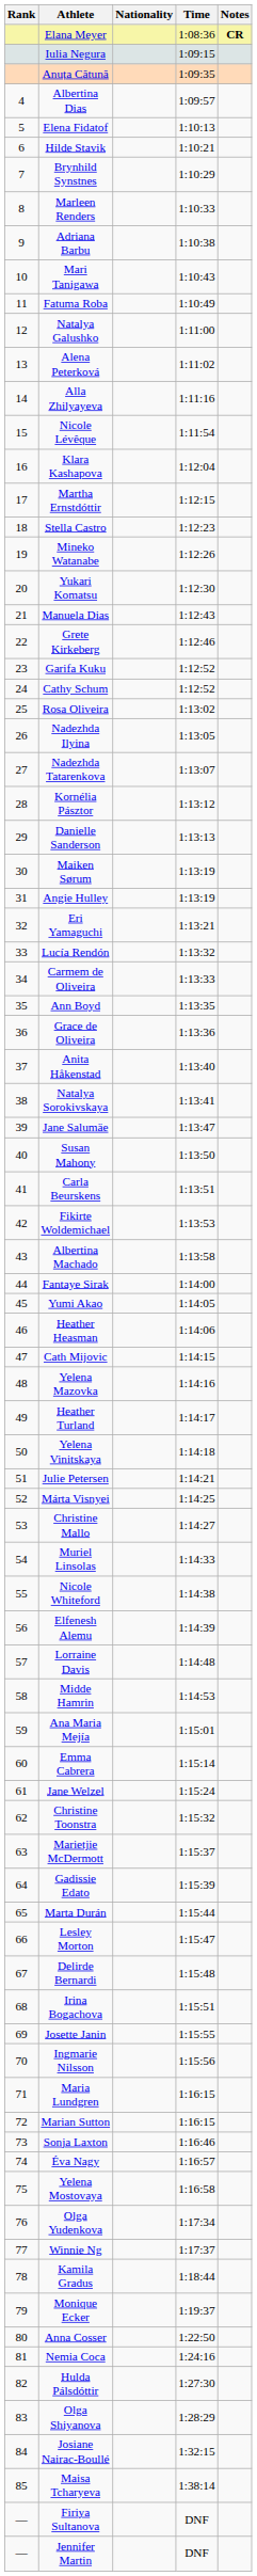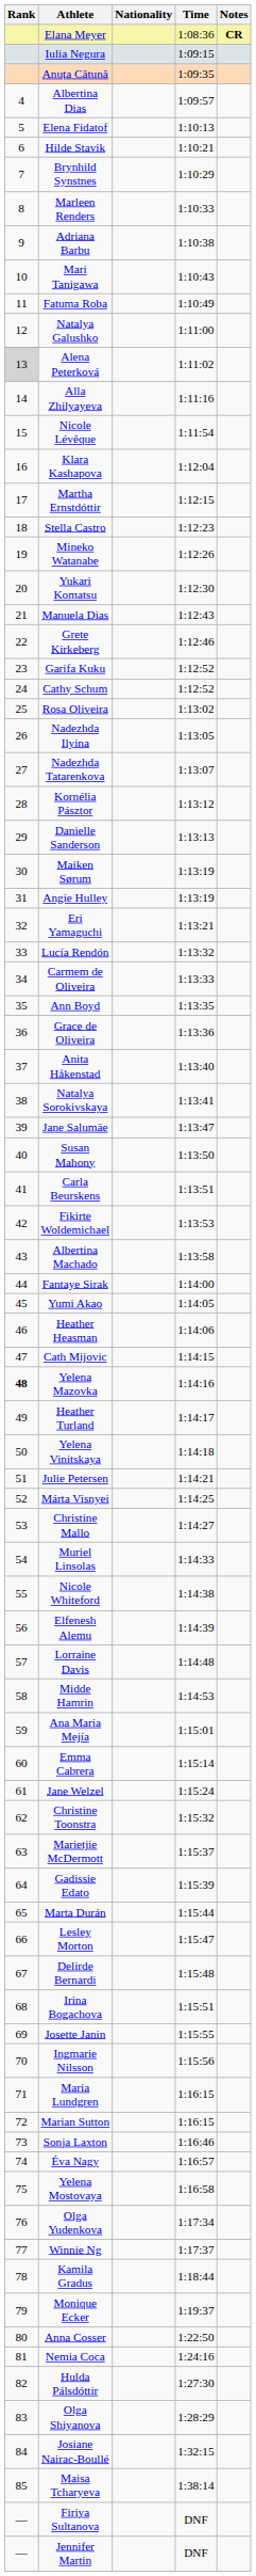 <table class="wikitable sortable" style=" text-align:center; font-size:95%;" width="50%">
 <tr>
 <th>Rank</th>
 <th>Athlete</th>
 <th>Nationality</th>
 <th>Time</th>
 <th>Notes</th>
 </tr>
 <tr bgcolor="#F7F6A8">
 <td align=center></td>
 <td><a href='#'>Elana Meyer</a></td>
 <td></td>
 <td>1:08:36</td>
 <td><strong>CR</strong></td>
 </tr>
 <tr bgcolor="#DCE5E5">
 <td align=center></td>
 <td><a href='#'>Iulia Negura</a></td>
 <td></td>
 <td>1:09:15</td>
 <td></td>
 </tr>
 <tr bgcolor="#FFDAB9">
 <td align=center></td>
 <td><a href='#'>Anuța Cătună</a></td>
 <td></td>
 <td>1:09:35</td>
 <td></td>
 </tr>
 <tr>
 <td align=center>4</td>
 <td><a href='#'>Albertina Dias</a></td>
 <td></td>
 <td>1:09:57</td>
 <td></td>
 </tr>
 <tr>
 <td align=center>5</td>
 <td><a href='#'>Elena Fidatof</a></td>
 <td></td>
 <td>1:10:13</td>
 <td></td>
 </tr>
 <tr>
 <td align=center>6</td>
 <td><a href='#'>Hilde Stavik</a></td>
 <td></td>
 <td>1:10:21</td>
 <td></td>
 </tr>
 <tr>
 <td align=center>7</td>
 <td><a href='#'>Brynhild Synstnes</a></td>
 <td></td>
 <td>1:10:29</td>
 <td></td>
 </tr>
 <tr>
 <td align=center>8</td>
 <td><a href='#'>Marleen Renders</a></td>
 <td></td>
 <td>1:10:33</td>
 <td></td>
 </tr>
 <tr>
 <td align=center>9</td>
 <td><a href='#'>Adriana Barbu</a></td>
 <td></td>
 <td>1:10:38</td>
 <td></td>
 </tr>
 <tr>
 <td align=center>10</td>
 <td><a href='#'>Mari Tanigawa</a></td>
 <td></td>
 <td>1:10:43</td>
 <td></td>
 </tr>
 <tr>
 <td align=center>11</td>
 <td><a href='#'>Fatuma Roba</a></td>
 <td></td>
 <td>1:10:49</td>
 <td></td>
 </tr>
 <tr>
 <td align=center>12</td>
 <td><a href='#'>Natalya Galushko</a></td>
 <td></td>
 <td>1:11:00</td>
 <td></td>
 </tr>
 <tr>
-<td align=center>13</td>
+<td align=center style="background: lightgrey;">13</td>
 <td><a href='#'>Alena Peterková</a></td>
 <td></td>
 <td>1:11:02</td>
 <td></td>
 </tr>
 <tr>
 <td align=center>14</td>
 <td><a href='#'>Alla Zhilyayeva</a></td>
 <td></td>
 <td>1:11:16</td>
 <td></td>
 </tr>
 <tr>
 <td align=center>15</td>
 <td><a href='#'>Nicole Lévêque</a></td>
 <td></td>
 <td>1:11:54</td>
 <td></td>
 </tr>
 <tr>
 <td align=center>16</td>
 <td><a href='#'>Klara Kashapova</a></td>
 <td></td>
 <td>1:12:04</td>
 <td></td>
 </tr>
 <tr>
 <td align=center>17</td>
 <td><a href='#'>Martha Ernstdóttir</a></td>
 <td></td>
 <td>1:12:15</td>
 <td></td>
 </tr>
 <tr>
 <td align=center>18</td>
 <td><a href='#'>Stella Castro</a></td>
 <td></td>
 <td>1:12:23</td>
 <td></td>
 </tr>
 <tr>
 <td align=center>19</td>
 <td><a href='#'>Mineko Watanabe</a></td>
 <td></td>
 <td>1:12:26</td>
 <td></td>
 </tr>
 <tr>
 <td align=center>20</td>
 <td><a href='#'>Yukari Komatsu</a></td>
 <td></td>
 <td>1:12:30</td>
 <td></td>
 </tr>
 <tr>
 <td align=center>21</td>
 <td><a href='#'>Manuela Dias</a></td>
 <td></td>
 <td>1:12:43</td>
 <td></td>
 </tr>
 <tr>
 <td align=center>22</td>
 <td><a href='#'>Grete Kirkeberg</a></td>
 <td></td>
 <td>1:12:46</td>
 <td></td>
 </tr>
 <tr>
 <td align=center>23</td>
 <td><a href='#'>Garifa Kuku</a></td>
 <td></td>
 <td>1:12:52</td>
 <td></td>
 </tr>
 <tr>
 <td align=center>24</td>
 <td><a href='#'>Cathy Schum</a></td>
 <td></td>
 <td>1:12:52</td>
 <td></td>
 </tr>
 <tr>
 <td align=center>25</td>
 <td><a href='#'>Rosa Oliveira</a></td>
 <td></td>
 <td>1:13:02</td>
 <td></td>
 </tr>
 <tr>
 <td align=center>26</td>
 <td><a href='#'>Nadezhda Ilyina</a></td>
 <td></td>
 <td>1:13:05</td>
 <td></td>
 </tr>
 <tr>
 <td align=center>27</td>
 <td><a href='#'>Nadezhda Tatarenkova</a></td>
 <td></td>
 <td>1:13:07</td>
 <td></td>
 </tr>
 <tr>
 <td align=center>28</td>
 <td><a href='#'>Kornélia Pásztor</a></td>
 <td></td>
 <td>1:13:12</td>
 <td></td>
 </tr>
 <tr>
 <td align=center>29</td>
 <td><a href='#'>Danielle Sanderson</a></td>
 <td></td>
 <td>1:13:13</td>
 <td></td>
 </tr>
 <tr>
 <td align=center>30</td>
 <td><a href='#'>Maiken Sørum</a></td>
 <td></td>
 <td>1:13:19</td>
 <td></td>
 </tr>
 <tr>
 <td align=center>31</td>
 <td><a href='#'>Angie Hulley</a></td>
 <td></td>
 <td>1:13:19</td>
 <td></td>
 </tr>
 <tr>
 <td align=center>32</td>
 <td><a href='#'>Eri Yamaguchi</a></td>
 <td></td>
 <td>1:13:21</td>
 <td></td>
 </tr>
 <tr>
 <td align=center>33</td>
 <td><a href='#'>Lucía Rendón</a></td>
 <td></td>
 <td>1:13:32</td>
 <td></td>
 </tr>
 <tr>
 <td align=center>34</td>
 <td><a href='#'>Carmem de Oliveira</a></td>
 <td></td>
 <td>1:13:33</td>
 <td></td>
 </tr>
 <tr>
 <td align=center>35</td>
 <td><a href='#'>Ann Boyd</a></td>
 <td></td>
 <td>1:13:35</td>
 <td></td>
 </tr>
 <tr>
 <td align=center>36</td>
 <td><a href='#'>Grace de Oliveira</a></td>
 <td></td>
 <td>1:13:36</td>
 <td></td>
 </tr>
 <tr>
 <td align=center>37</td>
 <td><a href='#'>Anita Håkenstad</a></td>
 <td></td>
 <td>1:13:40</td>
 <td></td>
 </tr>
 <tr>
 <td align=center>38</td>
 <td><a href='#'>Natalya Sorokivskaya</a></td>
 <td></td>
 <td>1:13:41</td>
 <td></td>
 </tr>
 <tr>
 <td align=center>39</td>
 <td><a href='#'>Jane Salumäe</a></td>
 <td></td>
 <td>1:13:47</td>
 <td></td>
 </tr>
 <tr>
 <td align=center>40</td>
 <td><a href='#'>Susan Mahony</a></td>
 <td></td>
 <td>1:13:50</td>
 <td></td>
 </tr>
 <tr>
 <td align=center>41</td>
 <td><a href='#'>Carla Beurskens</a></td>
 <td></td>
 <td>1:13:51</td>
 <td></td>
 </tr>
 <tr>
 <td align=center>42</td>
 <td><a href='#'>Fikirte Woldemichael</a></td>
 <td></td>
 <td>1:13:53</td>
 <td></td>
 </tr>
 <tr>
 <td align=center>43</td>
 <td><a href='#'>Albertina Machado</a></td>
 <td></td>
 <td>1:13:58</td>
 <td></td>
 </tr>
 <tr>
 <td align=center>44</td>
 <td><a href='#'>Fantaye Sirak</a></td>
 <td></td>
 <td>1:14:00</td>
 <td></td>
 </tr>
 <tr>
 <td align=center>45</td>
 <td><a href='#'>Yumi Akao</a></td>
 <td></td>
 <td>1:14:05</td>
 <td></td>
 </tr>
 <tr>
 <td align=center>46</td>
 <td><a href='#'>Heather Heasman</a></td>
 <td></td>
 <td>1:14:06</td>
 <td></td>
 </tr>
 <tr>
 <td align=center>47</td>
 <td><a href='#'>Cath Mijovic</a></td>
 <td></td>
 <td>1:14:15</td>
 <td></td>
 </tr>
 <tr>
-<td align=center>48</td>
+<td align=center><strong>48</strong></td>
 <td><a href='#'>Yelena Mazovka</a></td>
 <td></td>
 <td>1:14:16</td>
 <td></td>
 </tr>
 <tr>
 <td align=center>49</td>
 <td><a href='#'>Heather Turland</a></td>
 <td></td>
 <td>1:14:17</td>
 <td></td>
 </tr>
 <tr>
 <td align=center>50</td>
 <td><a href='#'>Yelena Vinitskaya</a></td>
 <td></td>
 <td>1:14:18</td>
 <td></td>
 </tr>
 <tr>
 <td align=center>51</td>
 <td><a href='#'>Julie Petersen</a></td>
 <td></td>
 <td>1:14:21</td>
 <td></td>
 </tr>
 <tr>
 <td align=center>52</td>
 <td><a href='#'>Márta Visnyei</a></td>
 <td></td>
 <td>1:14:25</td>
 <td></td>
 </tr>
 <tr>
 <td align=center>53</td>
 <td><a href='#'>Christine Mallo</a></td>
 <td></td>
 <td>1:14:27</td>
 <td></td>
 </tr>
 <tr>
 <td align=center>54</td>
 <td><a href='#'>Muriel Linsolas</a></td>
 <td></td>
 <td>1:14:33</td>
 <td></td>
 </tr>
 <tr>
 <td align=center>55</td>
 <td><a href='#'>Nicole Whiteford</a></td>
 <td></td>
 <td>1:14:38</td>
 <td></td>
 </tr>
 <tr>
 <td align=center>56</td>
 <td><a href='#'>Elfenesh Alemu</a></td>
 <td></td>
 <td>1:14:39</td>
 <td></td>
 </tr>
 <tr>
 <td align=center>57</td>
 <td><a href='#'>Lorraine Davis</a></td>
 <td></td>
 <td>1:14:48</td>
 <td></td>
 </tr>
 <tr>
 <td align=center>58</td>
 <td><a href='#'>Midde Hamrin</a></td>
 <td></td>
 <td>1:14:53</td>
 <td></td>
 </tr>
 <tr>
 <td align=center>59</td>
 <td><a href='#'>Ana Maria Mejía</a></td>
 <td></td>
 <td>1:15:01</td>
 <td></td>
 </tr>
 <tr>
 <td align=center>60</td>
 <td><a href='#'>Emma Cabrera</a></td>
 <td></td>
 <td>1:15:14</td>
 <td></td>
 </tr>
 <tr>
 <td align=center>61</td>
 <td><a href='#'>Jane Welzel</a></td>
 <td></td>
 <td>1:15:24</td>
 <td></td>
 </tr>
 <tr>
 <td align=center>62</td>
 <td><a href='#'>Christine Toonstra</a></td>
 <td></td>
 <td>1:15:32</td>
 <td></td>
 </tr>
 <tr>
 <td align=center>63</td>
 <td><a href='#'>Marietjie McDermott</a></td>
 <td></td>
 <td>1:15:37</td>
 <td></td>
 </tr>
 <tr>
 <td align=center>64</td>
 <td><a href='#'>Gadissie Edato</a></td>
 <td></td>
 <td>1:15:39</td>
 <td></td>
 </tr>
 <tr>
 <td align=center>65</td>
 <td><a href='#'>Marta Durán</a></td>
 <td></td>
 <td>1:15:44</td>
 <td></td>
 </tr>
 <tr>
 <td align=center>66</td>
 <td><a href='#'>Lesley Morton</a></td>
 <td></td>
 <td>1:15:47</td>
 <td></td>
 </tr>
 <tr>
 <td align=center>67</td>
 <td><a href='#'>Delirde Bernardi</a></td>
 <td></td>
 <td>1:15:48</td>
 <td></td>
 </tr>
 <tr>
 <td align=center>68</td>
 <td><a href='#'>Irina Bogachova</a></td>
 <td></td>
 <td>1:15:51</td>
 <td></td>
 </tr>
 <tr>
 <td align=center>69</td>
 <td><a href='#'>Josette Janin</a></td>
 <td></td>
 <td>1:15:55</td>
 <td></td>
 </tr>
 <tr>
 <td align=center>70</td>
 <td><a href='#'>Ingmarie Nilsson</a></td>
 <td></td>
 <td>1:15:56</td>
 <td></td>
 </tr>
 <tr>
 <td align=center>71</td>
 <td><a href='#'>Maria Lundgren</a></td>
 <td></td>
 <td>1:16:15</td>
 <td></td>
 </tr>
 <tr>
 <td align=center>72</td>
 <td><a href='#'>Marian Sutton</a></td>
 <td></td>
 <td>1:16:15</td>
 <td></td>
 </tr>
 <tr>
 <td align=center>73</td>
 <td><a href='#'>Sonja Laxton</a></td>
 <td></td>
 <td>1:16:46</td>
 <td></td>
 </tr>
 <tr>
 <td align=center>74</td>
 <td><a href='#'>Éva Nagy</a></td>
 <td></td>
 <td>1:16:57</td>
 <td></td>
 </tr>
 <tr>
 <td align=center>75</td>
 <td><a href='#'>Yelena Mostovaya</a></td>
 <td></td>
 <td>1:16:58</td>
 <td></td>
 </tr>
 <tr>
 <td align=center>76</td>
 <td><a href='#'>Olga Yudenkova</a></td>
 <td></td>
 <td>1:17:34</td>
 <td></td>
 </tr>
 <tr>
 <td align=center>77</td>
 <td><a href='#'>Winnie Ng</a></td>
 <td></td>
 <td>1:17:37</td>
 <td></td>
 </tr>
 <tr>
 <td align=center>78</td>
 <td><a href='#'>Kamila Gradus</a></td>
 <td></td>
 <td>1:18:44</td>
 <td></td>
 </tr>
 <tr>
 <td align=center>79</td>
 <td><a href='#'>Monique Ecker</a></td>
 <td></td>
 <td>1:19:37</td>
 <td></td>
 </tr>
 <tr>
 <td align=center>80</td>
 <td><a href='#'>Anna Cosser</a></td>
 <td></td>
 <td>1:22:50</td>
 <td></td>
 </tr>
 <tr>
 <td align=center>81</td>
 <td><a href='#'>Nemia Coca</a></td>
 <td></td>
 <td>1:24:16</td>
 <td></td>
 </tr>
 <tr>
 <td align=center>82</td>
 <td><a href='#'>Hulda Pálsdóttir</a></td>
 <td></td>
 <td>1:27:30</td>
 <td></td>
 </tr>
 <tr>
 <td align=center>83</td>
 <td><a href='#'>Olga Shiyanova</a></td>
 <td></td>
 <td>1:28:29</td>
 <td></td>
 </tr>
 <tr>
 <td align=center>84</td>
 <td><a href='#'>Josiane Nairac-Boullé</a></td>
 <td></td>
 <td>1:32:15</td>
 <td></td>
 </tr>
 <tr>
 <td align=center>85</td>
 <td><a href='#'>Maisa Tcharyeva</a></td>
 <td></td>
 <td>1:38:14</td>
 <td></td>
 </tr>
 <tr>
 <td align=center>—</td>
 <td><a href='#'>Firiya Sultanova</a></td>
 <td></td>
 <td>DNF</td>
 <td></td>
 </tr>
 <tr>
 <td align=center>—</td>
 <td><a href='#'>Jennifer Martin</a></td>
 <td></td>
 <td>DNF</td>
 <td></td>
 </tr>
 </table>
